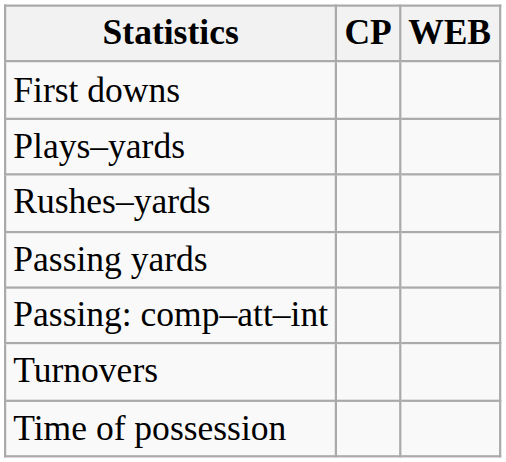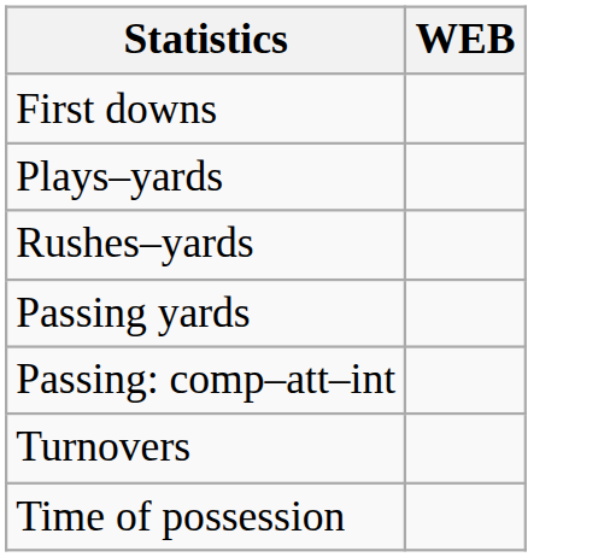 <table class="wikitable" style="float:left">
 <tr>
 <th>Statistics</th>
-<th>CP</th>
 <th>WEB</th>
 </tr>
 <tr>
 <td>First downs</td>
 <td></td>
-<td></td>
 </tr>
 <tr>
 <td>Plays–yards</td>
-<td></td>
 <td></td>
 </tr>
 <tr>
 <td>Rushes–yards</td>
 <td></td>
-<td></td>
 </tr>
 <tr>
 <td>Passing yards</td>
-<td></td>
 <td></td>
 </tr>
 <tr>
 <td>Passing: comp–att–int</td>
 <td></td>
-<td></td>
 </tr>
 <tr>
 <td>Turnovers</td>
-<td></td>
 <td></td>
 </tr>
 <tr>
 <td>Time of possession</td>
 <td></td>
-<td></td>
 </tr>
 </table>
